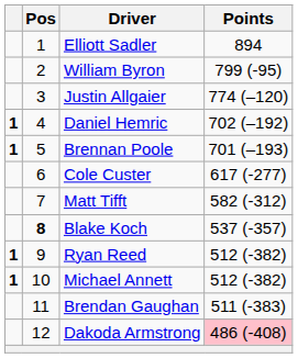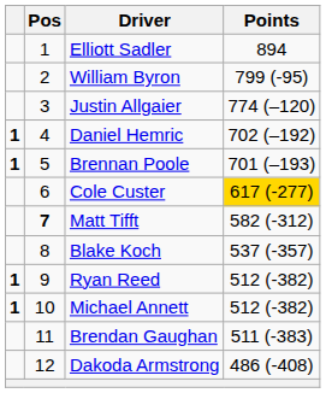 <table class="wikitable" style="font-size: 95%;">
 <tr>
 <th></th>
 <th>Pos</th>
 <th>Driver</th>
 <th>Points</th>
 </tr>
 <tr>
 <td align="left"></td>
 <td style="text-align:center;">1</td>
 <td><a href='#'>Elliott Sadler</a></td>
 <td style="text-align:center;">894</td>
 </tr>
 <tr>
 <td align="left"></td>
 <td style="text-align:center;">2</td>
 <td><a href='#'>William Byron</a></td>
 <td style="text-align:center;">799 (-95)</td>
 </tr>
 <tr>
 <td align="left"></td>
 <td style="text-align:center;">3</td>
 <td><a href='#'>Justin Allgaier</a></td>
 <td style="text-align:center;">774 (–120)</td>
 </tr>
 <tr>
 <td align="left"> <strong>1</strong></td>
 <td style="text-align:center;">4</td>
 <td><a href='#'>Daniel Hemric</a></td>
 <td style="text-align:center;">702 (–192)</td>
 </tr>
 <tr>
 <td align="left"> <strong>1</strong></td>
 <td style="text-align:center;">5</td>
 <td><a href='#'>Brennan Poole</a></td>
 <td style="text-align:center;">701 (–193)</td>
 </tr>
 <tr>
 <td align="left"></td>
 <td style="text-align:center;">6</td>
 <td><a href='#'>Cole Custer</a></td>
-<td style="text-align:center;">617 (-277)</td>
+<td style="background: gold; text-align:center;">617 (-277)</td>
 </tr>
 <tr>
 <td align="left"></td>
-<td style="text-align:center;">7</td>
+<td style="text-align:center;"><strong>7</strong></td>
 <td><a href='#'>Matt Tifft</a></td>
 <td style="text-align:center;">582 (-312)</td>
 </tr>
 <tr>
 <td align="left"></td>
-<td style="text-align:center;"><strong>8</strong></td>
+<td style="text-align:center;">8</td>
 <td><a href='#'>Blake Koch</a></td>
 <td style="text-align:center;">537 (-357)</td>
 </tr>
 <tr>
 <td align="left"> <strong>1</strong></td>
 <td style="text-align:center;">9</td>
 <td><a href='#'>Ryan Reed</a></td>
 <td style="text-align:center;">512 (-382)</td>
 </tr>
 <tr>
 <td align="left"> <strong>1</strong></td>
 <td style="text-align:center;">10</td>
 <td><a href='#'>Michael Annett</a></td>
 <td style="text-align:center;">512 (-382)</td>
 </tr>
 <tr>
 <td align="left"></td>
 <td style="text-align:center;">11</td>
 <td><a href='#'>Brendan Gaughan</a></td>
 <td style="text-align:center;">511 (-383)</td>
 </tr>
 <tr>
 <td align="left"></td>
 <td style="text-align:center;">12</td>
 <td><a href='#'>Dakoda Armstrong</a></td>
-<td style="background: pink; text-align:center;">486 (-408)</td>
+<td style="text-align:center;">486 (-408)</td>
 </tr>
 <tr class="sortbottom">
 <th colspan="9"></th>
 </tr>
 </table>
